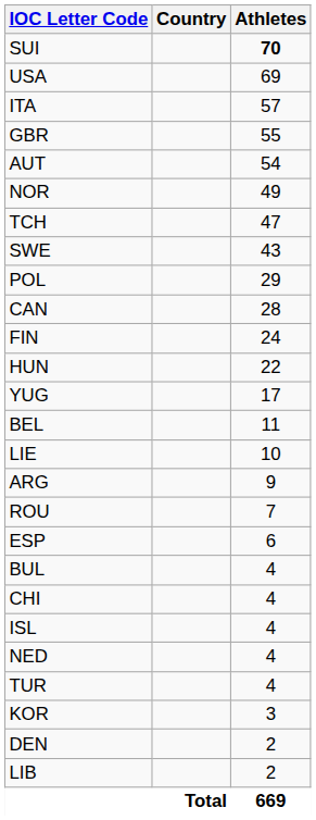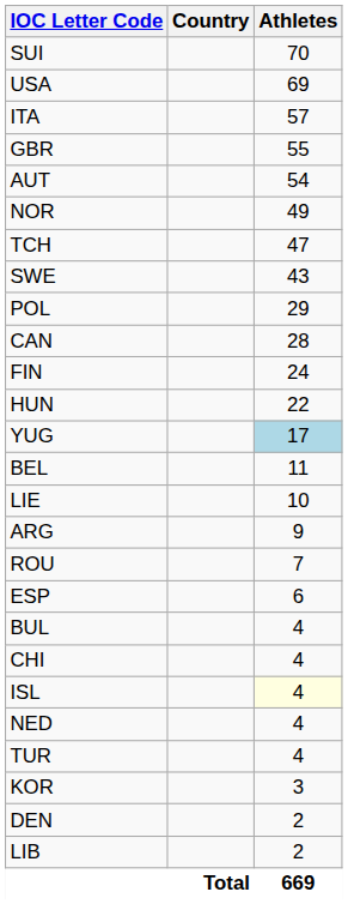 <table class="wikitable collapsible collapsed sortable" style="border:0;">
 <tr>
 <th><a href='#'>IOC Letter Code</a></th>
 <th>Country</th>
 <th>Athletes</th>
 </tr>
 <tr>
 <td>SUI</td>
 <td></td>
-<td align=center><strong>70</strong></td>
+<td align=center>70</td>
 </tr>
 <tr>
 <td>USA</td>
 <td></td>
 <td align=center>69</td>
 </tr>
 <tr>
 <td>ITA</td>
 <td></td>
 <td align=center>57</td>
 </tr>
 <tr>
 <td>GBR</td>
 <td></td>
 <td align=center>55</td>
 </tr>
 <tr>
 <td>AUT</td>
 <td></td>
 <td align=center>54</td>
 </tr>
 <tr>
 <td>NOR</td>
 <td></td>
 <td align=center>49</td>
 </tr>
 <tr>
 <td>TCH</td>
 <td></td>
 <td align=center>47</td>
 </tr>
 <tr>
 <td>SWE</td>
 <td></td>
 <td align=center>43</td>
 </tr>
 <tr>
 <td>POL</td>
 <td></td>
 <td align=center>29</td>
 </tr>
 <tr>
 <td>CAN</td>
 <td></td>
 <td align=center>28</td>
 </tr>
 <tr>
 <td>FIN</td>
 <td></td>
 <td align=center>24</td>
 </tr>
 <tr>
 <td>HUN</td>
 <td></td>
 <td align=center>22</td>
 </tr>
 <tr>
 <td>YUG</td>
 <td></td>
-<td align=center>17</td>
+<td align=center style="background: lightblue;">17</td>
 </tr>
 <tr>
 <td>BEL</td>
 <td></td>
 <td align=center>11</td>
 </tr>
 <tr>
 <td>LIE</td>
 <td></td>
 <td align=center>10</td>
 </tr>
 <tr>
 <td>ARG</td>
 <td></td>
 <td align=center>9</td>
 </tr>
 <tr>
 <td>ROU</td>
 <td></td>
 <td align=center>7</td>
 </tr>
 <tr>
 <td>ESP</td>
 <td></td>
 <td align=center>6</td>
 </tr>
 <tr>
 <td>BUL</td>
 <td></td>
 <td align=center>4</td>
 </tr>
 <tr>
 <td>CHI</td>
 <td></td>
 <td align=center>4</td>
 </tr>
 <tr>
 <td>ISL</td>
 <td></td>
-<td align=center>4</td>
+<td align=center style="background: lightyellow;">4</td>
 </tr>
 <tr>
 <td>NED</td>
 <td></td>
 <td align=center>4</td>
 </tr>
 <tr>
 <td>TUR</td>
 <td></td>
 <td align=center>4</td>
 </tr>
 <tr>
 <td>KOR</td>
 <td></td>
 <td align=center>3</td>
 </tr>
 <tr>
 <td>DEN</td>
 <td></td>
 <td align=center>2</td>
 </tr>
 <tr>
 <td>LIB</td>
 <td></td>
 <td align=center>2</td>
 </tr>
 <tr class="sortbottom">
 <td colspan=2; style="text-align:right; border:0px; background:#fff;"><strong>Total</strong></td>
 <td style="text-align:center; border:0px; background:#fff;"><strong>669</strong></td>
 </tr>
 <tr>
 </tr>
 </table>
